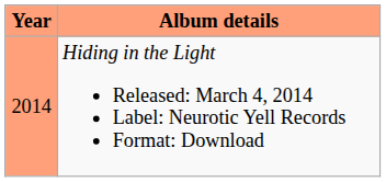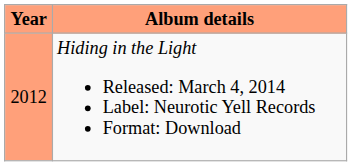 <table class ="wikitable">
 <tr>
 <th width="35" style="background: #ffa07a">Year</th>
 <th width="250" style="background: #ffa07a">Album details</th>
 </tr>
 <tr>
-<td style="background: #ffa07a; text-align: center">2014</td>
+<td style="background: #ffa07a; text-align: center">2012</td>
 <td><em>Hiding in the Light</em><br><ul><li>Released: March 4, 2014</li><li>Label: Neurotic Yell Records</li><li>Format: Download</li></ul></td>
 </tr>
 </table>
